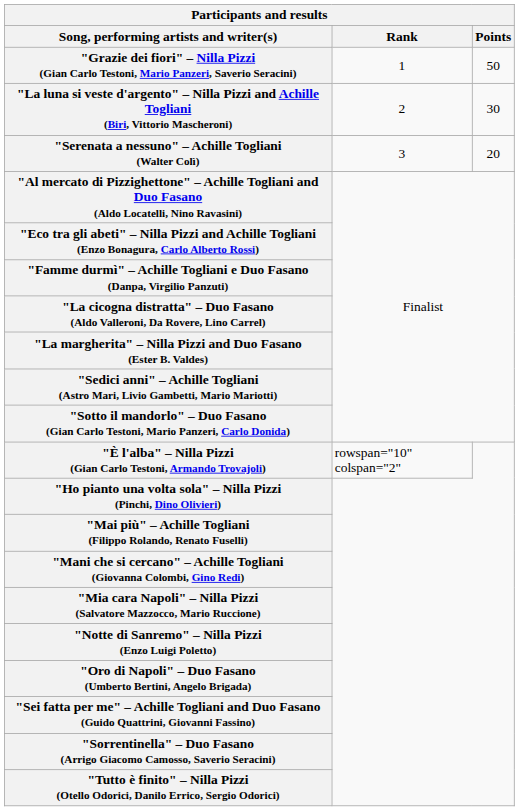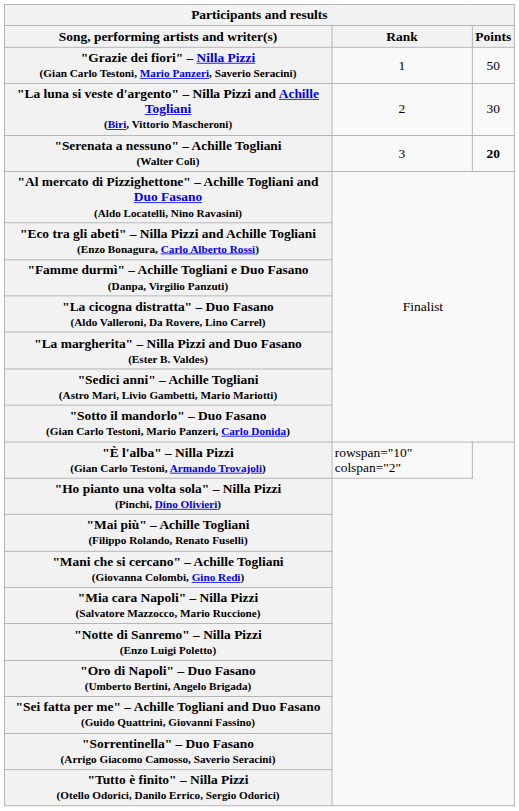 <table class="plainrowheaders wikitable">
 <tr>
 <th colspan="3">Participants and results</th>
 </tr>
 <tr>
 <th>Song, performing artists and writer(s)</th>
 <th>Rank</th>
 <th>Points</th>
 </tr>
 <tr>
 <th scope="row">"Grazie dei fiori" – <a href='#'>Nilla Pizzi</a><br><small>(Gian Carlo Testoni, <a href='#'>Mario Panzeri</a>, Saverio Seracini)</small></th>
 <td style="text-align:center;">1</td>
 <td style="text-align:center;">50</td>
 </tr>
 <tr>
 <th scope="row">"La luna si veste d'argento" – Nilla Pizzi and <a href='#'>Achille Togliani</a><br><small>(<a href='#'>Biri</a>, Vittorio Mascheroni)</small></th>
 <td style="text-align:center;">2</td>
 <td style="text-align:center;">30</td>
 </tr>
 <tr>
 <th scope="row">"Serenata a nessuno" – Achille Togliani<br><small>(Walter Colì)</small></th>
 <td style="text-align:center;">3</td>
-<td style="text-align:center;">20</td>
+<td style="text-align:center;"><strong>20</strong></td>
 </tr>
 <tr>
 <th scope="row">"Al mercato di Pizzighettone" – Achille Togliani and <a href='#'>Duo Fasano</a><br><small>(Aldo Locatelli, Nino Ravasini)</small></th>
 <td style="text-align:center;" rowspan="7" colspan="2">Finalist</td>
 </tr>
 <tr>
 <th scope="row">"Eco tra gli abeti" – Nilla Pizzi and Achille Togliani	<br><small>(Enzo Bonagura, <a href='#'>Carlo Alberto Rossi</a>)</small></th>
 </tr>
 <tr>
 <th scope="row">"Famme durmì" – Achille Togliani e Duo Fasano<br><small>(Danpa, Virgilio Panzuti)</small></th>
 </tr>
 <tr>
 <th scope="row">"La cicogna distratta" – Duo Fasano<br><small>(Aldo Valleroni, Da Rovere, Lino Carrel)</small></th>
 </tr>
 <tr>
 <th scope="row">"La margherita" – Nilla Pizzi and Duo Fasano<br><small>(Ester B. Valdes)</small></th>
 </tr>
 <tr>
 <th scope="row">"Sedici anni" – Achille Togliani<br><small>(Astro Mari, Livio Gambetti, Mario Mariotti)</small></th>
 </tr>
 <tr>
 <th scope="row">"Sotto il mandorlo" – Duo Fasano<br><small>(Gian Carlo Testoni, Mario Panzeri, <a href='#'>Carlo Donida</a>)</small></th>
 </tr>
 <tr>
 <th scope="row">"È l'alba" – Nilla Pizzi<br><small>(Gian Carlo Testoni, <a href='#'>Armando Trovajoli</a>)</small></th>
 <td>rowspan="10" colspan="2" </td>
 </tr>
 <tr>
 <th scope="row">"Ho pianto una volta sola" – Nilla Pizzi<br><small>(Pinchi, <a href='#'>Dino Olivieri</a>)</small></th>
 </tr>
 <tr>
 <th scope="row">"Mai più" – Achille Togliani<br><small>(Filippo Rolando, Renato Fuselli)</small></th>
 </tr>
 <tr>
 <th scope="row">"Mani che si cercano" – Achille Togliani<br><small>(Giovanna Colombi, <a href='#'>Gino Redi</a>)</small></th>
 </tr>
 <tr>
 <th scope="row">"Mia cara Napoli" – Nilla Pizzi<br><small>(Salvatore Mazzocco, Mario Ruccione)</small></th>
 </tr>
 <tr>
 <th scope="row">"Notte di Sanremo" – Nilla Pizzi<br><small>(Enzo Luigi Poletto)</small></th>
 </tr>
 <tr>
 <th scope="row">"Oro di Napoli" – Duo Fasano<br><small>(Umberto Bertini, Angelo Brigada)</small></th>
 </tr>
 <tr>
 <th scope="row">"Sei fatta per me" – Achille Togliani and Duo Fasano<br><small>(Guido Quattrini, Giovanni Fassino)</small></th>
 </tr>
 <tr>
 <th scope="row">"Sorrentinella" – Duo Fasano<br><small>(Arrigo Giacomo Camosso, Saverio Seracini)</small></th>
 </tr>
 <tr>
 <th scope="row">"Tutto è finito" – Nilla Pizzi<br><small>(Otello Odorici, Danilo Errico, Sergio Odorici)</small></th>
 </tr>
 </table>
